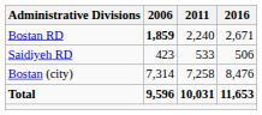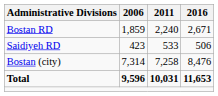 <table class="wikitable">
 <tr>
 <th>Administrative Divisions</th>
 <th>2006</th>
 <th>2011</th>
 <th>2016</th>
 </tr>
 <tr>
 <td><a href='#'>Bostan RD</a></td>
-<td style="text-align: right;"><strong>1,859</strong></td>
+<td style="text-align: right;">1,859</td>
 <td style="text-align: right;">2,240</td>
 <td style="text-align: right;">2,671</td>
 </tr>
 <tr>
 <td><a href='#'>Saidiyeh RD</a></td>
 <td style="text-align: right;">423</td>
 <td style="text-align: right;">533</td>
 <td style="text-align: right;">506</td>
 </tr>
 <tr>
 <td><a href='#'>Bostan</a> (city)</td>
 <td style="text-align: right;">7,314</td>
 <td style="text-align: right;">7,258</td>
 <td style="text-align: right;">8,476</td>
 </tr>
 <tr>
 <td><strong>Total</strong></td>
 <td style="text-align: right;"><strong>9,596</strong></td>
 <td style="text-align: right;"><strong>10,031</strong></td>
 <td style="text-align: right;"><strong>11,653</strong></td>
 </tr>
 <tr>
 <td colspan=4></td>
 </tr>
 </table>
